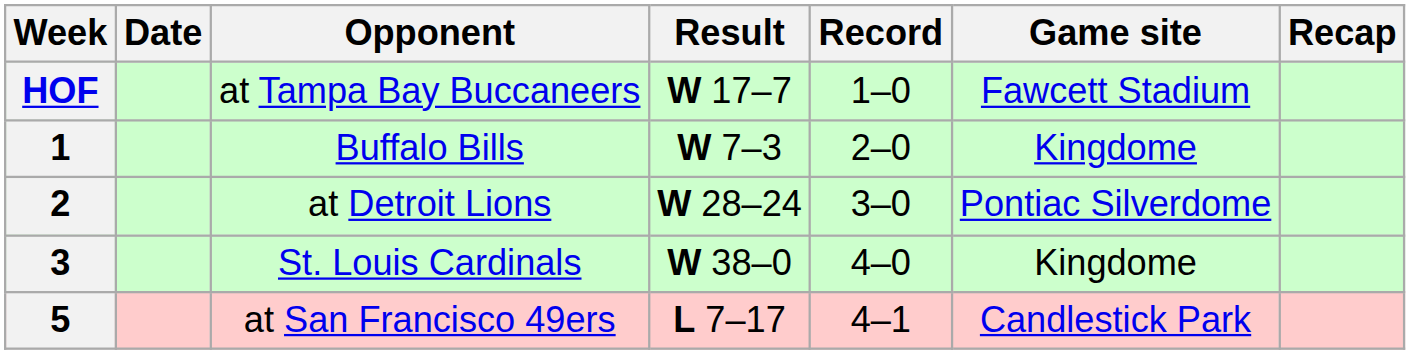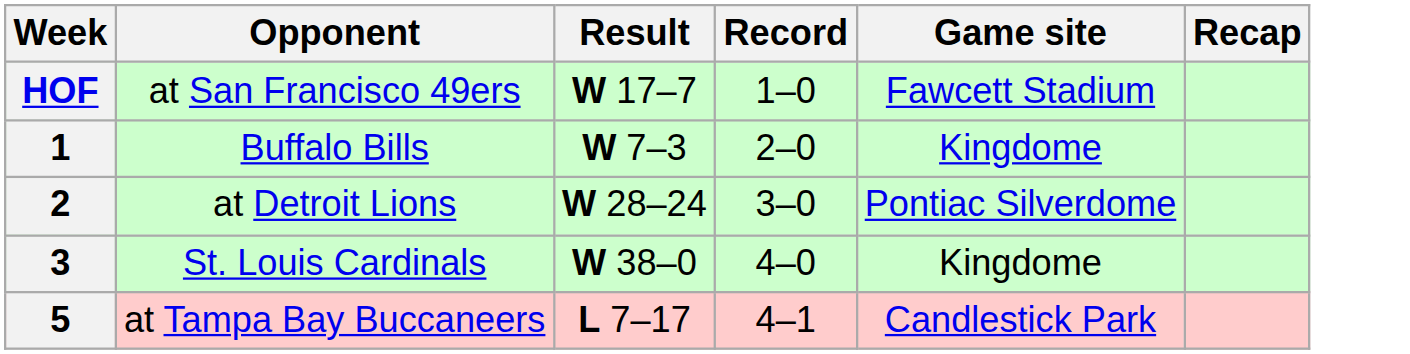 <table class="wikitable" style="text-align:center">
 <tr>
 <th>Week</th>
-<th>Date</th>
 <th>Opponent</th>
 <th>Result</th>
 <th>Record</th>
 <th>Game site</th>
 <th>Recap</th>
 </tr>
 <tr style="background:#cfc">
 <th><a href='#'>HOF</a></th>
-<td></td>
-<td>at <a href='#'>Tampa Bay Buccaneers</a></td>
+<td>at <a href='#'>San Francisco 49ers</a></td>
 <td><strong>W</strong> 17–7</td>
 <td>1–0</td>
 <td><a href='#'>Fawcett Stadium</a> </td>
 <td></td>
 </tr>
 <tr style="background:#cfc">
 <th>1</th>
-<td></td>
 <td><a href='#'>Buffalo Bills</a></td>
 <td><strong>W</strong> 7–3</td>
 <td>2–0</td>
 <td><a href='#'>Kingdome</a></td>
 <td></td>
 </tr>
 <tr style="background:#cfc">
 <th>2</th>
-<td></td>
 <td>at <a href='#'>Detroit Lions</a></td>
 <td><strong>W</strong> 28–24</td>
 <td>3–0</td>
 <td><a href='#'>Pontiac Silverdome</a></td>
 <td></td>
 </tr>
 <tr style="background:#cfc">
 <th>3</th>
-<td></td>
 <td><a href='#'>St. Louis Cardinals</a></td>
 <td><strong>W</strong> 38–0</td>
 <td>4–0</td>
 <td>Kingdome</td>
 <td></td>
 </tr>
 <tr style="background:#fcc">
 <th>5</th>
-<td></td>
-<td>at <a href='#'>San Francisco 49ers</a></td>
+<td>at <a href='#'>Tampa Bay Buccaneers</a></td>
 <td><strong>L</strong> 7–17</td>
 <td>4–1</td>
 <td><a href='#'>Candlestick Park</a></td>
 <td></td>
 </tr>
 </table>
